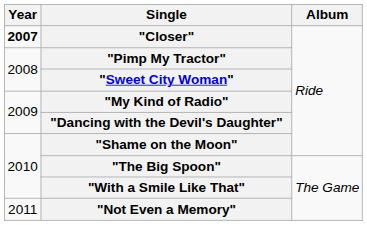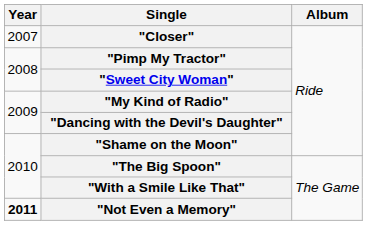 <table class="wikitable plainrowheaders" style="text-align:center;">
 <tr>
 <th>Year</th>
 <th style="width:18em;">Single</th>
 <th>Album</th>
 </tr>
 <tr>
-<td><strong>2007</strong></td>
+<td>2007</td>
 <th scope="row">"Closer"</th>
 <td align="left" rowspan="6"><em>Ride</em></td>
 </tr>
 <tr>
 <td rowspan="2">2008</td>
 <th scope="row">"Pimp My Tractor"</th>
 </tr>
 <tr>
 <th scope="row">"<a href='#'>Sweet City Woman</a>"</th>
 </tr>
 <tr>
 <td rowspan="2">2009</td>
 <th scope="row">"My Kind of Radio"</th>
 </tr>
 <tr>
 <th scope="row">"Dancing with the Devil's Daughter"</th>
 </tr>
 <tr>
 <td rowspan="3">2010</td>
 <th scope="row">"Shame on the Moon"</th>
 </tr>
 <tr>
 <th scope="row">"The Big Spoon"</th>
 <td align="left" rowspan="3"><em>The Game</em></td>
 </tr>
 <tr>
 <th scope="row">"With a Smile Like That"</th>
 </tr>
 <tr>
-<td>2011</td>
+<td><strong>2011</strong></td>
 <th scope="row">"Not Even a Memory"</th>
 </tr>
 </table>
